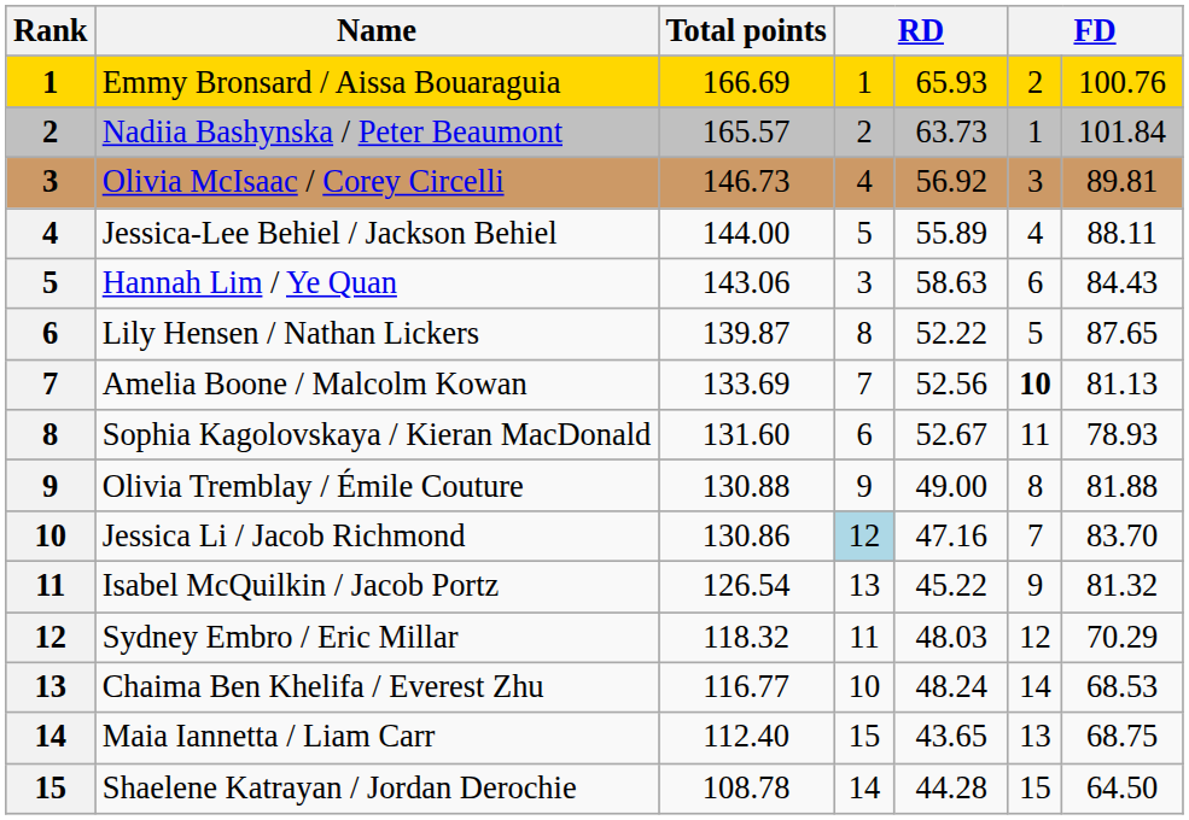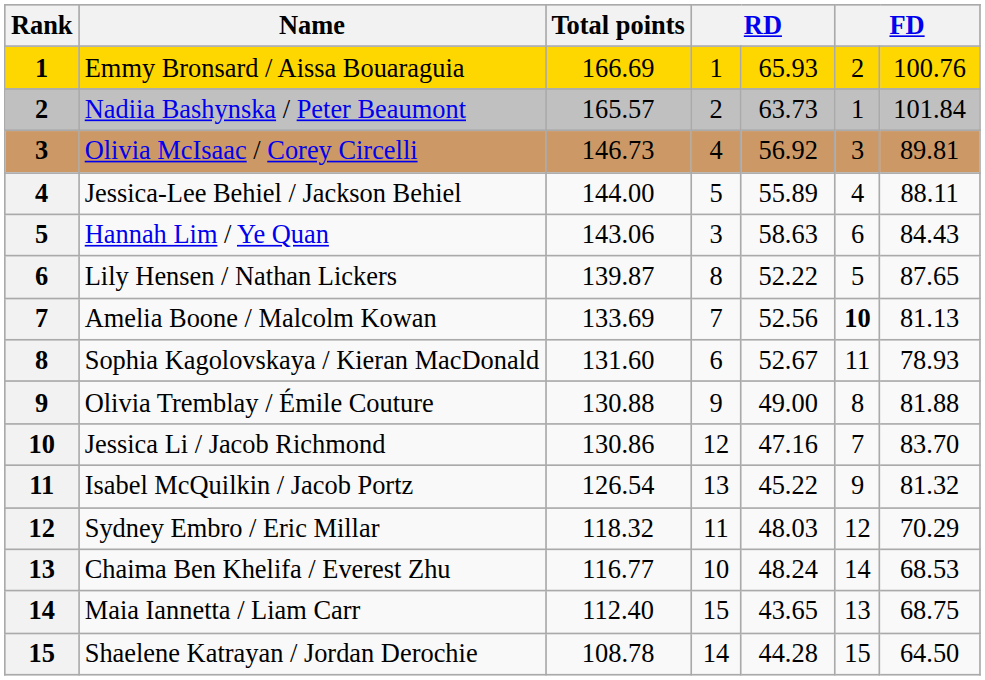 <table class="wikitable sortable">
 <tr>
 <th>Rank</th>
 <th>Name</th>
 <th>Total points</th>
 <th colspan="2" width="80px"><a href='#'>RD</a></th>
 <th colspan="2" width="80px"><a href='#'>FD</a></th>
 </tr>
 <tr bgcolor="gold">
 <td align="center"><strong>1</strong></td>
 <td>Emmy Bronsard / Aissa Bouaraguia</td>
 <td align="center">166.69</td>
 <td align="center">1</td>
 <td align="center">65.93</td>
 <td align="center">2</td>
 <td align="center">100.76</td>
 </tr>
 <tr bgcolor="silver">
 <td align="center"><strong>2</strong></td>
 <td><a href='#'>Nadiia Bashynska</a> / <a href='#'> Peter Beaumont</a></td>
 <td align="center">165.57</td>
 <td align="center">2</td>
 <td align="center">63.73</td>
 <td align="center">1</td>
 <td align="center">101.84</td>
 </tr>
 <tr bgcolor="cc9966">
 <td align="center"><strong>3</strong></td>
 <td><a href='#'>Olivia McIsaac</a> / <a href='#'>Corey Circelli</a></td>
 <td align="center">146.73</td>
 <td align="center">4</td>
 <td align="center">56.92</td>
 <td align="center">3</td>
 <td align="center">89.81</td>
 </tr>
 <tr>
 <th>4</th>
 <td>Jessica-Lee Behiel / Jackson Behiel</td>
 <td align="center">144.00</td>
 <td align="center">5</td>
 <td align="center">55.89</td>
 <td align="center">4</td>
 <td align="center">88.11</td>
 </tr>
 <tr>
 <th>5</th>
 <td><a href='#'>Hannah Lim</a> / <a href='#'>Ye Quan</a></td>
 <td align="center">143.06</td>
 <td align="center">3</td>
 <td align="center">58.63</td>
 <td align="center">6</td>
 <td align="center">84.43</td>
 </tr>
 <tr>
 <th>6</th>
 <td>Lily Hensen / Nathan Lickers</td>
 <td align="center">139.87</td>
 <td align="center">8</td>
 <td align="center">52.22</td>
 <td align="center">5</td>
 <td align="center">87.65</td>
 </tr>
 <tr>
 <th>7</th>
 <td>Amelia Boone / Malcolm Kowan</td>
 <td align="center">133.69</td>
 <td align="center">7</td>
 <td align="center">52.56</td>
 <td align="center"><strong>10</strong></td>
 <td align="center">81.13</td>
 </tr>
 <tr>
 <th>8</th>
 <td>Sophia Kagolovskaya / Kieran MacDonald</td>
 <td align="center">131.60</td>
 <td align="center">6</td>
 <td align="center">52.67</td>
 <td align="center">11</td>
 <td align="center">78.93</td>
 </tr>
 <tr>
 <th>9</th>
 <td>Olivia Tremblay / Émile Couture</td>
 <td align="center">130.88</td>
 <td align="center">9</td>
 <td align="center">49.00</td>
 <td align="center">8</td>
 <td align="center">81.88</td>
 </tr>
 <tr>
 <th>10</th>
 <td>Jessica Li / Jacob Richmond</td>
 <td align="center">130.86</td>
-<td align="center" style="background: lightblue;">12</td>
+<td align="center">12</td>
 <td align="center">47.16</td>
 <td align="center">7</td>
 <td align="center">83.70</td>
 </tr>
 <tr>
 <th>11</th>
 <td>Isabel McQuilkin / Jacob Portz</td>
 <td align="center">126.54</td>
 <td align="center">13</td>
 <td align="center">45.22</td>
 <td align="center">9</td>
 <td align="center">81.32</td>
 </tr>
 <tr>
 <th>12</th>
 <td>Sydney Embro / Eric Millar</td>
 <td align="center">118.32</td>
 <td align="center">11</td>
 <td align="center">48.03</td>
 <td align="center">12</td>
 <td align="center">70.29</td>
 </tr>
 <tr>
 <th>13</th>
 <td>Chaima Ben Khelifa / Everest Zhu</td>
 <td align="center">116.77</td>
 <td align="center">10</td>
 <td align="center">48.24</td>
 <td align="center">14</td>
 <td align="center">68.53</td>
 </tr>
 <tr>
 <th>14</th>
 <td>Maia Iannetta / Liam Carr</td>
 <td align="center">112.40</td>
 <td align="center">15</td>
 <td align="center">43.65</td>
 <td align="center">13</td>
 <td align="center">68.75</td>
 </tr>
 <tr>
 <th>15</th>
 <td>Shaelene Katrayan / Jordan Derochie</td>
 <td align="center">108.78</td>
 <td align="center">14</td>
 <td align="center">44.28</td>
 <td align="center">15</td>
 <td align="center">64.50</td>
 </tr>
 </table>
